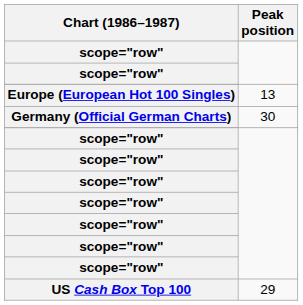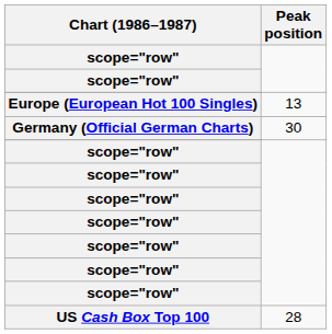 <table class="wikitable plainrowheaders sortable" style="text-align:center;">
 <tr>
 <th scope="col">Chart (1986–1987)</th>
 <th scope="col">Peak<br>position</th>
 </tr>
 <tr>
 <th>scope="row" </th>
 </tr>
 <tr>
 <th>scope="row" </th>
 </tr>
 <tr>
 </tr>
 <tr>
 </tr>
 <tr>
 <th scope="row">Europe (<a href='#'>European Hot 100 Singles</a>)</th>
 <td>13</td>
 </tr>
 <tr>
 <th scope="row">Germany (<a href='#'>Official German Charts</a>)</th>
 <td>30</td>
 </tr>
 <tr>
 </tr>
 <tr>
 </tr>
 <tr>
 <th>scope="row" </th>
 </tr>
 <tr>
 <th>scope="row" </th>
 </tr>
 <tr>
 <th>scope="row" </th>
 </tr>
 <tr>
 <th>scope="row" </th>
 </tr>
 <tr>
 <th>scope="row" </th>
 </tr>
 <tr>
 <th>scope="row" </th>
 </tr>
 <tr>
 <th>scope="row" </th>
 </tr>
 <tr>
 <th scope="row">US <a href='#'><em>Cash Box</em> Top 100</a></th>
-<td>29</td>
+<td>28</td>
 </tr>
 </table>
